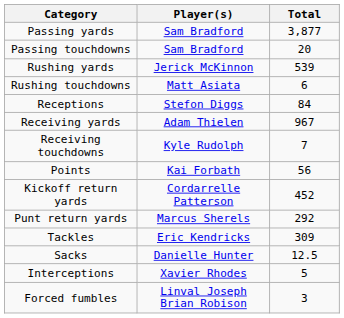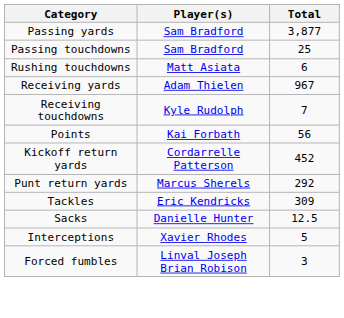 <table class="wikitable" style="text-align:center">
 <tr>
 <th width=150px>Category</th>
 <th width=150px>Player(s)</th>
 <th width=75px>Total</th>
 </tr>
 <tr>
 <td>Passing yards</td>
 <td><a href='#'>Sam Bradford</a></td>
 <td>3,877</td>
 </tr>
 <tr>
 <td>Passing touchdowns</td>
 <td><a href='#'>Sam Bradford</a></td>
-<td>20</td>
-</tr>
-<tr>
-<td>Rushing yards</td>
-<td><a href='#'>Jerick McKinnon</a></td>
-<td>539</td>
+<td>25</td>
 </tr>
 <tr>
 <td>Rushing touchdowns</td>
 <td><a href='#'>Matt Asiata</a></td>
 <td>6</td>
-</tr>
-<tr>
-<td>Receptions</td>
-<td><a href='#'>Stefon Diggs</a></td>
-<td>84</td>
 </tr>
 <tr>
 <td>Receiving yards</td>
 <td><a href='#'>Adam Thielen</a></td>
 <td>967</td>
 </tr>
 <tr>
 <td>Receiving touchdowns</td>
 <td><a href='#'>Kyle Rudolph</a></td>
 <td>7</td>
 </tr>
 <tr>
 <td>Points</td>
 <td><a href='#'>Kai Forbath</a></td>
 <td>56</td>
 </tr>
 <tr>
 <td>Kickoff return yards</td>
 <td><a href='#'>Cordarrelle Patterson</a></td>
 <td>452</td>
 </tr>
 <tr>
 <td>Punt return yards</td>
 <td><a href='#'>Marcus Sherels</a></td>
 <td>292</td>
 </tr>
 <tr>
 <td>Tackles</td>
 <td><a href='#'>Eric Kendricks</a></td>
 <td>309</td>
 </tr>
 <tr>
 <td>Sacks</td>
 <td><a href='#'>Danielle Hunter</a></td>
 <td>12.5</td>
 </tr>
 <tr>
 <td>Interceptions</td>
 <td><a href='#'>Xavier Rhodes</a></td>
 <td>5</td>
 </tr>
 <tr>
 <td>Forced fumbles</td>
 <td><a href='#'>Linval Joseph</a><br><a href='#'>Brian Robison</a></td>
 <td>3</td>
 </tr>
 </table>
